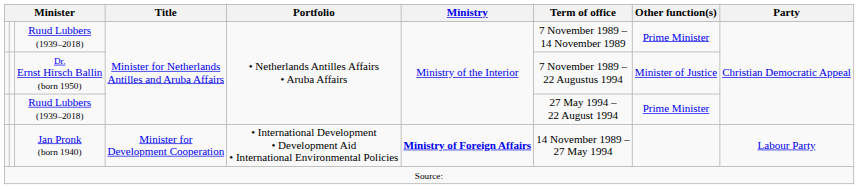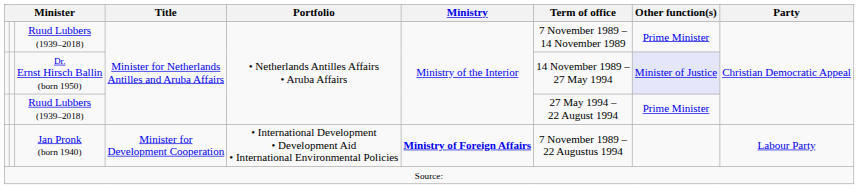 <table class="wikitable" style="text-align:center">
 <tr>
 <th colspan=3>Minister</th>
 <th>Title</th>
 <th>Portfolio</th>
 <th><a href='#'>Ministry</a></th>
 <th>Term of office</th>
 <th>Other function(s)</th>
 <th>Party</th>
 </tr>
 <tr>
 <td style="background:"></td>
 <td></td>
 <td><a href='#'>Ruud Lubbers</a> <br> <small>(1939–2018)</small></td>
 <td rowspan=3><a href='#'>Minister for Netherlands <br> Antilles and Aruba Affairs</a></td>
 <td rowspan=3>• Netherlands Antilles Affairs <br> • Aruba Affairs</td>
 <td rowspan=3><a href='#'>Ministry of the Interior</a></td>
 <td>7 November 1989 – <br> 14 November 1989 <br> </td>
 <td><a href='#'>Prime Minister</a></td>
 <td rowspan=3><a href='#'>Christian Democratic Appeal</a></td>
 </tr>
 <tr>
 <td style="background:"></td>
 <td></td>
 <td><small><a href='#'>Dr.</a></small> <br> <a href='#'>Ernst Hirsch Ballin</a> <br> <small>(born 1950)</small></td>
-<td>7 November 1989 – <br> 22 Augustus 1994</td>
-<td><a href='#'>Minister of Justice</a></td>
+<td>14 November 1989 – <br> 27 May 1994 <br> </td>
+<td style="background: lavender;"><a href='#'>Minister of Justice</a></td>
 </tr>
 <tr>
 <td style="background:"></td>
 <td></td>
 <td><a href='#'>Ruud Lubbers</a> <br> <small>(1939–2018)</small></td>
 <td>27 May 1994 – <br> 22 August 1994</td>
 <td><a href='#'>Prime Minister</a></td>
 </tr>
 <tr>
 <td style="background:"></td>
 <td></td>
 <td><a href='#'>Jan Pronk</a> <br> <small>(born 1940)</small></td>
 <td><a href='#'>Minister for <br> Development Cooperation</a></td>
 <td>• International Development <br> • Development Aid <br> • International Environmental Policies</td>
 <td><strong><a href='#'>Ministry of Foreign Affairs</a></strong></td>
-<td>14 November 1989 – <br> 27 May 1994 <br> </td>
+<td>7 November 1989 – <br> 22 Augustus 1994</td>
 <td></td>
 <td><a href='#'>Labour Party</a></td>
 </tr>
 <tr>
 <td colspan=9><small>Source:</small></td>
 </tr>
 </table>
